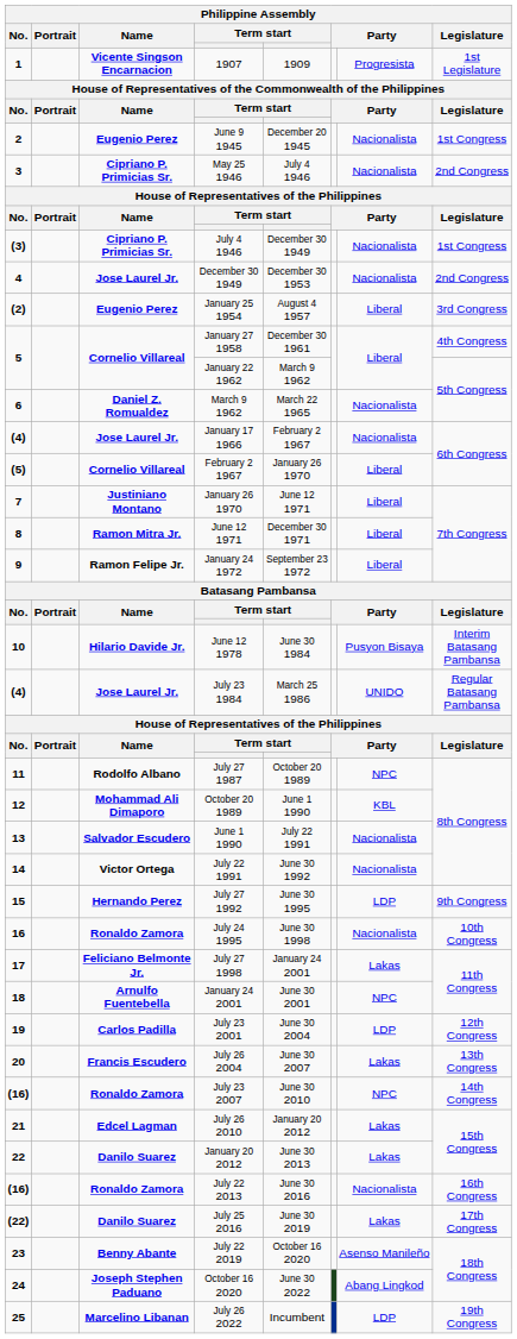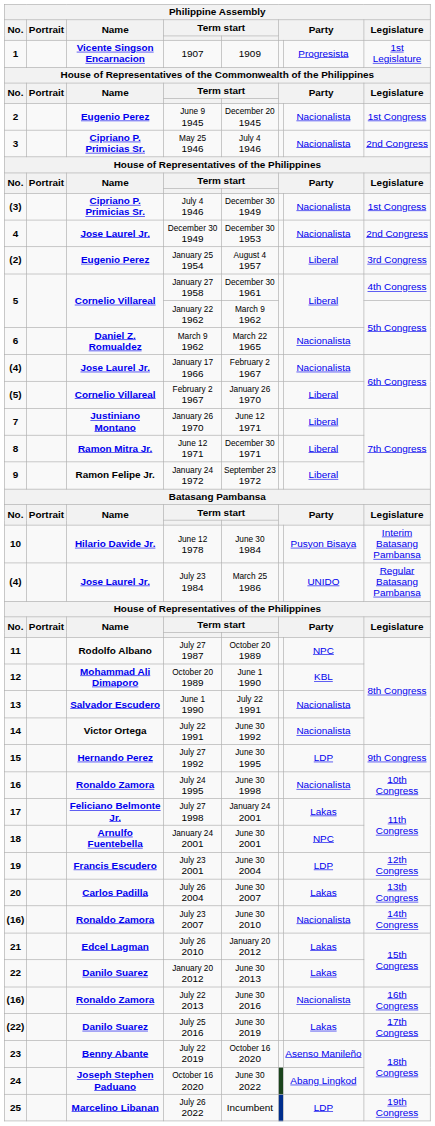 <table class="wikitable" style="text-align:center; border:1px #AAAAFF solid">
 <tr>
 <th colspan="8">Philippine Assembly<br></th>
 </tr>
 <tr>
 <th rowspan="2">No.</th>
 <th rowspan="2">Portrait</th>
 <th rowspan="2" width="150">Name<br></th>
 <th colspan="2" width="0" align="center">Term start</th>
 <th colspan="2" rowspan="2">Party</th>
 <th rowspan="2" width="100">Legislature</th>
 </tr>
 <tr>
 <th width="85"></th>
 <th width="85"></th>
 </tr>
 <tr>
 <td><strong>1</strong></td>
 <td></td>
 <td><strong><a href='#'>Vicente Singson Encarnacion</a></strong><br></td>
 <td>1907</td>
 <td>1909</td>
 <td style="background:"></td>
 <td><a href='#'>Progresista</a></td>
 <td><a href='#'>1st Legislature</a></td>
 </tr>
 <tr>
 <th colspan="8">House of Representatives of the Commonwealth of the Philippines<br></th>
 </tr>
 <tr>
 <th rowspan="2">No.</th>
 <th rowspan="2">Portrait</th>
 <th rowspan="2">Name<br></th>
 <th colspan="2">Term start</th>
 <th colspan="2" rowspan="2">Party</th>
 <th rowspan="2">Legislature</th>
 </tr>
 <tr>
 <th></th>
 <th></th>
 </tr>
 <tr>
 <td><strong>2</strong></td>
 <td></td>
 <td><strong><a href='#'>Eugenio Perez</a></strong><br></td>
 <td><small>June 9</small><br>1945</td>
 <td><small>December 20</small><br>1945</td>
 <td></td>
 <td><a href='#'>Nacionalista</a></td>
 <td><a href='#'>1st Congress</a></td>
 </tr>
 <tr>
 <td><strong>3</strong></td>
 <td></td>
 <td><strong><a href='#'>Cipriano P. Primicias Sr.</a></strong><br></td>
 <td><small>May 25</small><br>1946</td>
 <td><small>July 4</small><br>1946</td>
 <td></td>
 <td><a href='#'>Nacionalista</a></td>
 <td><a href='#'>2nd Congress</a></td>
 </tr>
 <tr>
 <th colspan="8">House of Representatives of the Philippines<br></th>
 </tr>
 <tr>
 <th rowspan="2">No.</th>
 <th rowspan="2">Portrait</th>
 <th rowspan="2">Name<br></th>
 <th colspan="2">Term start</th>
 <th colspan="2" rowspan="2">Party</th>
 <th rowspan="2">Legislature</th>
 </tr>
 <tr>
 <th></th>
 <th></th>
 </tr>
 <tr>
 <td><strong>(3)</strong></td>
 <td></td>
 <td><strong><a href='#'>Cipriano P. Primicias Sr.</a></strong><br></td>
 <td><small>July 4</small><br>1946</td>
 <td><small>December 30</small><br>1949</td>
 <td></td>
 <td><a href='#'>Nacionalista</a></td>
 <td><a href='#'>1st Congress</a></td>
 </tr>
 <tr>
 <td><strong>4</strong></td>
 <td></td>
 <td><strong><a href='#'>Jose Laurel Jr.</a></strong><br></td>
 <td><small>December 30</small><br>1949</td>
 <td><small>December 30</small><br>1953</td>
 <td></td>
 <td><a href='#'>Nacionalista</a></td>
 <td><a href='#'>2nd Congress</a></td>
 </tr>
 <tr>
 <td><strong>(2)</strong></td>
 <td></td>
 <td><strong><a href='#'>Eugenio Perez</a></strong><br></td>
 <td><small>January 25</small><br>1954</td>
 <td><small>August 4</small><br>1957</td>
 <td></td>
 <td><a href='#'>Liberal</a></td>
 <td><a href='#'>3rd Congress</a></td>
 </tr>
 <tr>
 <td rowspan="2"><strong>5</strong></td>
 <td rowspan="2"></td>
 <td rowspan="2"><strong><a href='#'>Cornelio Villareal</a></strong><br></td>
 <td><small>January 27</small><br>1958</td>
 <td><small>December 30</small><br>1961</td>
 <td rowspan="2"></td>
 <td rowspan="2"><a href='#'>Liberal</a></td>
 <td><a href='#'>4th Congress</a></td>
 </tr>
 <tr>
 <td><small>January 22</small><br>1962</td>
 <td><small>March 9</small><br>1962</td>
 <td rowspan="2"><a href='#'>5th Congress</a></td>
 </tr>
 <tr>
 <td><strong>6</strong></td>
 <td></td>
 <td><strong><a href='#'>Daniel Z. Romualdez</a></strong><br></td>
 <td><small>March 9</small><br>1962</td>
 <td><small>March 22</small><br>1965</td>
 <td></td>
 <td><a href='#'>Nacionalista</a></td>
 </tr>
 <tr>
 <td><strong>(4)</strong></td>
 <td></td>
 <td><strong><a href='#'>Jose Laurel Jr.</a></strong><br></td>
 <td><small>January 17</small><br>1966</td>
 <td><small>February 2</small><br>1967</td>
 <td></td>
 <td><a href='#'>Nacionalista</a></td>
 <td rowspan="2"><a href='#'>6th Congress</a></td>
 </tr>
 <tr>
 <td><strong>(5)</strong></td>
 <td></td>
 <td><strong><a href='#'>Cornelio Villareal</a></strong><br></td>
 <td><small>February 2</small><br>1967</td>
 <td><small>January 26</small><br>1970</td>
 <td></td>
 <td><a href='#'>Liberal</a></td>
 </tr>
 <tr>
 <td><strong>7</strong></td>
 <td></td>
 <td><strong><a href='#'>Justiniano Montano</a></strong><br></td>
 <td><small>January 26</small><br>1970</td>
 <td><small>June 12</small><br>1971</td>
 <td></td>
 <td><a href='#'>Liberal</a></td>
 <td rowspan="3"><a href='#'>7th Congress</a></td>
 </tr>
 <tr>
 <td><strong>8</strong></td>
 <td></td>
 <td><strong><a href='#'>Ramon Mitra Jr.</a></strong><br></td>
 <td><small>June 12</small><br>1971</td>
 <td><small>December 30</small><br>1971</td>
 <td></td>
 <td><a href='#'>Liberal</a></td>
 </tr>
 <tr>
 <td><strong>9</strong></td>
 <td></td>
 <td><strong>Ramon Felipe Jr.</strong><br></td>
 <td><small>January 24</small><br>1972</td>
 <td><small>September 23</small><br>1972</td>
 <td></td>
 <td><a href='#'>Liberal</a></td>
 </tr>
 <tr>
 <th colspan="8">Batasang Pambansa<br></th>
 </tr>
 <tr>
 <th rowspan="2">No.</th>
 <th rowspan="2">Portrait</th>
 <th rowspan="2">Name<br></th>
 <th colspan="2">Term start</th>
 <th colspan="2" rowspan="2">Party</th>
 <th rowspan="2">Legislature</th>
 </tr>
 <tr>
 <th></th>
 <th></th>
 </tr>
 <tr>
 <td><strong>10</strong></td>
 <td></td>
 <td><strong><a href='#'>Hilario Davide Jr.</a></strong><br></td>
 <td><small>June 12</small><br>1978</td>
 <td><small>June 30</small><br>1984</td>
 <td></td>
 <td><a href='#'>Pusyon Bisaya</a></td>
 <td><a href='#'>Interim Batasang Pambansa</a></td>
 </tr>
 <tr>
 <td><strong>(4)</strong></td>
 <td></td>
 <td><strong><a href='#'>Jose Laurel Jr.</a></strong><br></td>
 <td><small>July 23</small><br>1984</td>
 <td><small>March 25</small><br>1986</td>
 <td></td>
 <td><a href='#'>UNIDO</a></td>
 <td><a href='#'>Regular Batasang Pambansa</a></td>
 </tr>
 <tr>
 <th colspan="8">House of Representatives of the Philippines<br></th>
 </tr>
 <tr>
 <th rowspan="2">No.</th>
 <th rowspan="2">Portrait</th>
 <th rowspan="2">Name<br></th>
 <th colspan="2">Term start</th>
 <th colspan="2" rowspan="2">Party</th>
 <th rowspan="2">Legislature</th>
 </tr>
 <tr>
 <th></th>
 <th></th>
 </tr>
 <tr>
 <td><strong>11</strong></td>
 <td></td>
 <td><strong>Rodolfo Albano</strong><br></td>
 <td><small>July 27</small><br>1987</td>
 <td><small>October 20</small><br>1989</td>
 <td></td>
 <td><a href='#'>NPC</a></td>
 <td rowspan="4"><a href='#'>8th Congress</a></td>
 </tr>
 <tr>
 <td><strong>12</strong></td>
 <td></td>
 <td><strong><a href='#'>Mohammad Ali Dimaporo</a></strong><br></td>
 <td><small>October 20</small><br>1989</td>
 <td><small>June 1</small><br>1990</td>
 <td></td>
 <td><a href='#'>KBL</a></td>
 </tr>
 <tr>
 <td><strong>13</strong></td>
 <td></td>
 <td><strong><a href='#'>Salvador Escudero</a></strong><br></td>
 <td><small>June 1</small><br>1990</td>
 <td><small>July 22</small><br>1991</td>
 <td></td>
 <td><a href='#'>Nacionalista</a></td>
 </tr>
 <tr>
 <td><strong>14</strong></td>
 <td></td>
 <td><strong>Victor Ortega</strong><br></td>
 <td><small>July 22</small><br>1991</td>
 <td><small>June 30</small><br>1992</td>
 <td></td>
 <td><a href='#'>Nacionalista</a></td>
 </tr>
 <tr>
 <td><strong>15</strong></td>
 <td></td>
 <td><strong><a href='#'>Hernando Perez</a></strong><br></td>
 <td><small>July 27</small><br>1992</td>
 <td><small>June 30</small><br>1995</td>
 <td></td>
 <td><a href='#'>LDP</a></td>
 <td><a href='#'>9th Congress</a></td>
 </tr>
 <tr>
 <td><strong>16</strong></td>
 <td></td>
 <td><strong><a href='#'>Ronaldo Zamora</a></strong><br></td>
 <td><small>July 24</small><br>1995</td>
 <td><small>June 30</small><br>1998</td>
 <td></td>
 <td><a href='#'>Nacionalista</a></td>
 <td><a href='#'>10th Congress</a></td>
 </tr>
 <tr>
 <td><strong>17</strong></td>
 <td></td>
 <td><strong><a href='#'>Feliciano Belmonte Jr.</a></strong><br></td>
 <td><small>July 27</small><br>1998</td>
 <td><small>January 24</small><br>2001</td>
 <td></td>
 <td><a href='#'>Lakas</a></td>
 <td rowspan="2"><a href='#'>11th Congress</a></td>
 </tr>
 <tr>
 <td><strong>18</strong></td>
 <td></td>
 <td><strong><a href='#'>Arnulfo Fuentebella</a></strong><br></td>
 <td><small>January 24</small><br>2001</td>
 <td><small>June 30</small><br>2001</td>
 <td></td>
 <td><a href='#'>NPC</a></td>
 </tr>
 <tr>
 <td><strong>19</strong></td>
 <td></td>
-<td><strong><a href='#'>Carlos Padilla</a></strong><br></td>
+<td><strong><a href='#'>Francis Escudero</a></strong><br></td>
 <td><small>July 23</small><br>2001</td>
 <td><small>June 30</small><br>2004</td>
 <td></td>
 <td><a href='#'>LDP</a></td>
 <td><a href='#'>12th Congress</a></td>
 </tr>
 <tr>
 <td><strong>20</strong></td>
 <td></td>
-<td><strong><a href='#'>Francis Escudero</a></strong><br></td>
+<td><strong><a href='#'>Carlos Padilla</a></strong><br></td>
 <td><small>July 26</small><br>2004</td>
 <td><small>June 30</small><br>2007</td>
 <td></td>
 <td><a href='#'>Lakas</a></td>
 <td><a href='#'>13th Congress</a></td>
 </tr>
 <tr>
 <td><strong>(16)</strong></td>
 <td></td>
 <td><strong><a href='#'>Ronaldo Zamora</a></strong><br></td>
 <td><small>July 23</small><br>2007</td>
 <td><small>June 30</small><br>2010</td>
 <td></td>
-<td><a href='#'>NPC</a></td>
+<td><a href='#'>Nacionalista</a></td>
 <td><a href='#'>14th Congress</a></td>
 </tr>
 <tr>
 <td><strong>21</strong></td>
 <td></td>
 <td><strong><a href='#'>Edcel Lagman</a></strong><br></td>
 <td><small>July 26</small><br>2010</td>
 <td><small>January 20</small><br>2012</td>
 <td></td>
 <td><a href='#'>Lakas</a></td>
 <td rowspan="2"><a href='#'>15th Congress</a></td>
 </tr>
 <tr>
 <td><strong>22</strong></td>
 <td></td>
 <td><strong><a href='#'>Danilo Suarez</a></strong><br></td>
 <td><small>January 20</small><br>2012</td>
 <td><small>June 30</small><br>2013</td>
 <td></td>
 <td><a href='#'>Lakas</a></td>
 </tr>
 <tr>
 <td><strong>(16)</strong></td>
 <td></td>
 <td><strong><a href='#'>Ronaldo Zamora</a></strong><br></td>
 <td><small>July 22</small><br>2013</td>
 <td><small>June 30</small><br>2016</td>
 <td></td>
 <td><a href='#'>Nacionalista</a></td>
 <td><a href='#'>16th Congress</a></td>
 </tr>
 <tr>
 <td><strong>(22)</strong></td>
 <td></td>
 <td><strong><a href='#'>Danilo Suarez</a></strong><br></td>
 <td><small>July 25</small><br>2016</td>
 <td><small>June 30</small><br>2019</td>
 <td></td>
 <td><a href='#'>Lakas</a></td>
 <td><a href='#'>17th Congress</a></td>
 </tr>
 <tr>
 <td><strong>23</strong></td>
 <td></td>
 <td><strong><a href='#'>Benny Abante</a></strong><br></td>
 <td><small>July 22</small><br>2019</td>
 <td><small>October 16</small><br>2020</td>
 <td style="background:"></td>
 <td><a href='#'>Asenso Manileño</a></td>
 <td rowspan="2"><a href='#'>18th Congress</a></td>
 </tr>
 <tr>
 <td><strong>24</strong></td>
 <td></td>
 <td><strong><a href='#'>Joseph Stephen Paduano</a></strong><br></td>
 <td><small>October 16</small><br>2020</td>
 <td><small>June 30</small><br>2022</td>
 <td bgcolor="#1b441c"></td>
 <td><a href='#'>Abang Lingkod</a></td>
 </tr>
 <tr>
 <td><strong>25</strong></td>
 <td></td>
 <td><strong><a href='#'>Marcelino Libanan</a></strong><br></td>
 <td><small>July 26</small><br>2022</td>
 <td>Incumbent</td>
 <td bgcolor="#002E8D"></td>
 <td><a href='#'>LDP</a></td>
 <td><a href='#'>19th Congress</a></td>
 </tr>
 </table>
